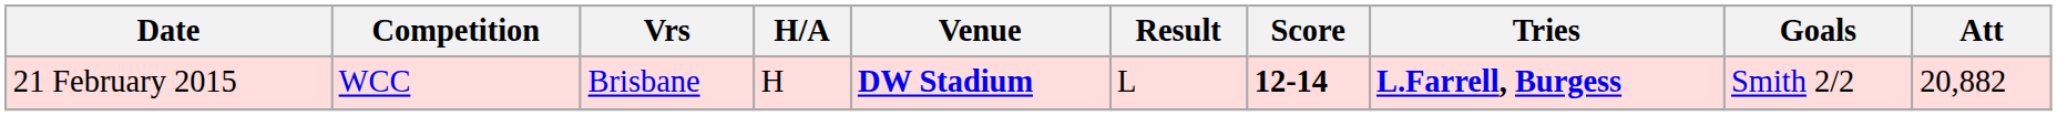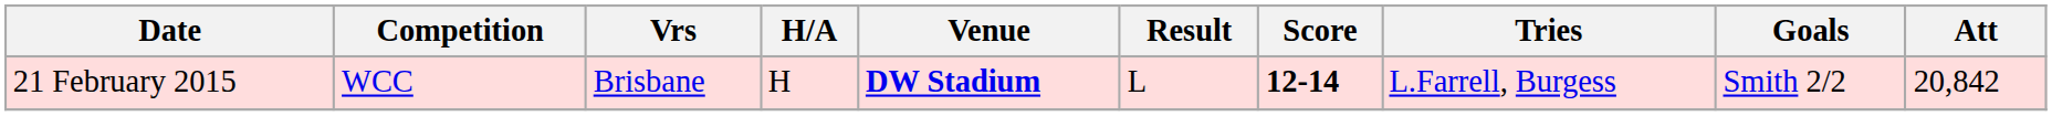 <table class="wikitable" style="font-size:85%;" width="100%">
 <tr>
 <th>Date</th>
 <th>Competition</th>
 <th>Vrs</th>
 <th>H/A</th>
 <th>Venue</th>
 <th>Result</th>
 <th>Score</th>
 <th>Tries</th>
 <th>Goals</th>
 <th>Att</th>
 </tr>
 <tr style="background:#ffdddd;" width=20 | >
 <td>21 February 2015</td>
 <td><a href='#'>WCC</a></td>
 <td><a href='#'>Brisbane</a></td>
 <td>H</td>
 <td><strong><a href='#'>DW Stadium</a></strong></td>
 <td>L</td>
 <td><strong>12-14</strong></td>
-<td><strong><a href='#'>L.Farrell</a>, <a href='#'>Burgess</a></strong></td>
+<td><a href='#'>L.Farrell</a>, <a href='#'>Burgess</a></td>
 <td><a href='#'>Smith</a> 2/2</td>
-<td>20,882</td>
+<td>20,842</td>
 </tr>
 <tr>
 </tr>
 </table>
